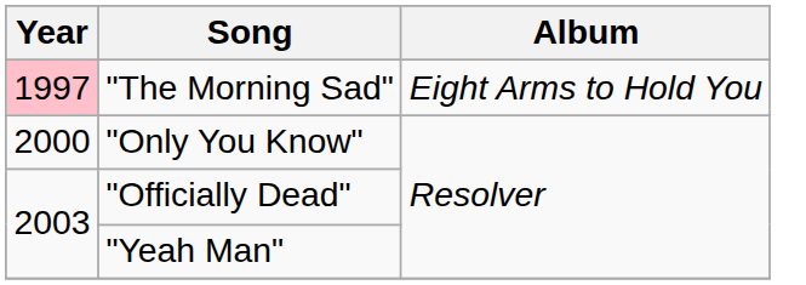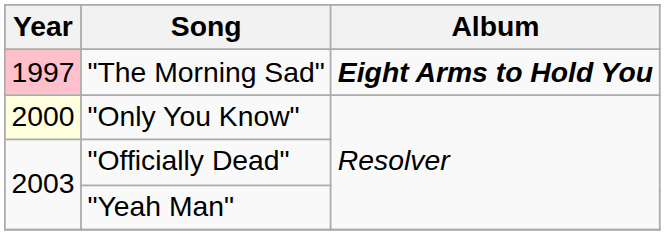 <table class="wikitable">
 <tr>
 <th>Year</th>
 <th>Song</th>
 <th>Album</th>
 </tr>
 <tr>
 <td style="background: pink;">1997</td>
 <td>"The Morning Sad"</td>
-<td><em>Eight Arms to Hold You</em></td>
+<td><strong><em>Eight Arms to Hold You</em></strong></td>
 </tr>
 <tr>
-<td>2000</td>
+<td style="background: lightyellow;">2000</td>
 <td>"Only You Know"</td>
 <td rowspan="3"><em>Resolver</em></td>
 </tr>
 <tr>
 <td rowspan="2">2003</td>
 <td>"Officially Dead"</td>
 </tr>
 <tr>
 <td>"Yeah Man"</td>
 </tr>
 <tr>
 </tr>
 </table>
